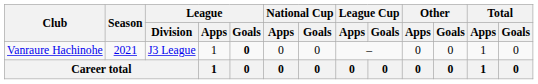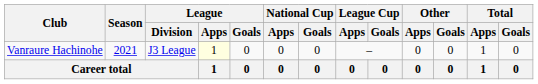 <table class="wikitable" style="text-align: center">
 <tr>
 <th rowspan="2">Club</th>
 <th rowspan="2">Season</th>
 <th colspan="3">League</th>
 <th colspan="2">National Cup</th>
 <th colspan="2">League Cup</th>
 <th colspan="2">Other</th>
 <th colspan="2">Total</th>
 </tr>
 <tr>
 <th>Division</th>
 <th>Apps</th>
 <th>Goals</th>
 <th>Apps</th>
 <th>Goals</th>
 <th>Apps</th>
 <th>Goals</th>
 <th>Apps</th>
 <th>Goals</th>
 <th>Apps</th>
 <th>Goals</th>
 </tr>
 <tr>
 <td><a href='#'>Vanraure Hachinohe</a></td>
 <td><a href='#'>2021</a></td>
 <td><a href='#'>J3 League</a></td>
-<td>1</td>
-<td><strong>0</strong></td>
+<td style="background: lightyellow;">1</td>
+<td>0</td>
 <td>0</td>
 <td>0</td>
 <td colspan="2">–</td>
 <td>0</td>
 <td>0</td>
 <td>1</td>
 <td>0</td>
 </tr>
 <tr>
 <th colspan=3>Career total</th>
 <th>1</th>
 <th>0</th>
 <th>0</th>
 <th>0</th>
 <th>0</th>
 <th>0</th>
 <th>0</th>
 <th>0</th>
 <th>1</th>
 <th>0</th>
 </tr>
 </table>
